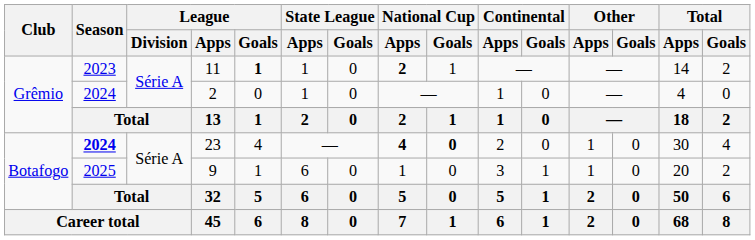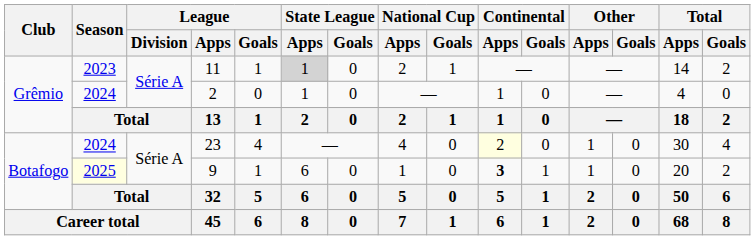 <table class="wikitable" style="text-align:center">
 <tr>
 <th rowspan="2">Club</th>
 <th rowspan="2">Season</th>
 <th colspan="3">League</th>
 <th colspan="2">State League</th>
 <th colspan="2">National Cup</th>
 <th colspan="2">Continental</th>
 <th colspan="2">Other</th>
 <th colspan="2">Total</th>
 </tr>
 <tr>
 <th>Division</th>
 <th>Apps</th>
 <th>Goals</th>
 <th>Apps</th>
 <th>Goals</th>
 <th>Apps</th>
 <th>Goals</th>
 <th>Apps</th>
 <th>Goals</th>
 <th>Apps</th>
 <th>Goals</th>
 <th>Apps</th>
 <th>Goals</th>
 </tr>
 <tr>
 <td rowspan="3"><a href='#'>Grêmio</a></td>
 <td><a href='#'>2023</a></td>
 <td rowspan="2"><a href='#'>Série A</a></td>
 <td>11</td>
-<td><strong>1</strong></td>
 <td>1</td>
+<td style="background: lightgrey;">1</td>
 <td>0</td>
-<td><strong>2</strong></td>
+<td>2</td>
 <td>1</td>
 <td colspan="2">—</td>
 <td colspan="2">—</td>
 <td>14</td>
 <td>2</td>
 </tr>
 <tr>
 <td><a href='#'>2024</a></td>
 <td>2</td>
 <td>0</td>
 <td>1</td>
 <td>0</td>
 <td colspan="2">—</td>
 <td>1</td>
 <td>0</td>
 <td colspan="2">—</td>
 <td>4</td>
 <td>0</td>
 </tr>
 <tr>
 <th colspan="2">Total</th>
 <th>13</th>
 <th>1</th>
 <th>2</th>
 <th>0</th>
 <th>2</th>
 <th>1</th>
 <th>1</th>
 <th>0</th>
 <th colspan="2">—</th>
 <th>18</th>
 <th>2</th>
 </tr>
 <tr>
 <td rowspan="3"><a href='#'>Botafogo</a></td>
-<td><strong><a href='#'>2024</a></strong></td>
+<td><a href='#'>2024</a></td>
 <td rowspan="2">Série A</td>
 <td>23</td>
 <td>4</td>
 <td colspan="2">—</td>
-<td><strong>4</strong></td>
-<td><strong>0</strong></td>
-<td>2</td>
+<td>4</td>
+<td>0</td>
+<td style="background: lightyellow;">2</td>
 <td>0</td>
 <td>1</td>
 <td>0</td>
 <td>30</td>
 <td>4</td>
 </tr>
 <tr>
-<td><a href='#'>2025</a></td>
+<td style="background: lightyellow;"><a href='#'>2025</a></td>
 <td>9</td>
 <td>1</td>
 <td>6</td>
 <td>0</td>
 <td>1</td>
 <td>0</td>
-<td>3</td>
+<td><strong>3</strong></td>
 <td>1</td>
 <td>1</td>
 <td>0</td>
 <td>20</td>
 <td>2</td>
 </tr>
 <tr>
 <th colspan="2">Total</th>
 <th>32</th>
 <th>5</th>
 <th>6</th>
 <th>0</th>
 <th>5</th>
 <th>0</th>
 <th>5</th>
 <th>1</th>
 <th>2</th>
 <th>0</th>
 <th>50</th>
 <th>6</th>
 </tr>
 <tr>
 <th colspan="3">Career total</th>
 <th>45</th>
 <th>6</th>
 <th>8</th>
 <th>0</th>
 <th>7</th>
 <th>1</th>
 <th>6</th>
 <th>1</th>
 <th>2</th>
 <th>0</th>
 <th>68</th>
 <th>8</th>
 </tr>
 </table>
